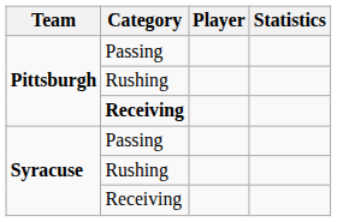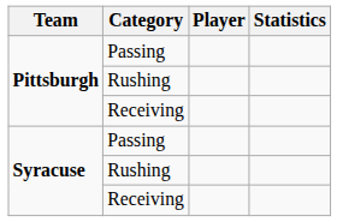 <table class="wikitable" style="float: right;">
 <tr>
 <th>Team</th>
 <th>Category</th>
 <th>Player</th>
 <th>Statistics</th>
 </tr>
 <tr>
 <td rowspan=3><strong>Pittsburgh</strong></td>
 <td>Passing</td>
 <td></td>
 <td></td>
 </tr>
 <tr>
 <td>Rushing</td>
 <td></td>
 <td></td>
 </tr>
 <tr>
-<td><strong>Receiving</strong></td>
+<td>Receiving</td>
 <td></td>
 <td></td>
 </tr>
 <tr>
 <td rowspan=3><strong>Syracuse</strong></td>
 <td>Passing</td>
 <td></td>
 <td></td>
 </tr>
 <tr>
 <td>Rushing</td>
 <td></td>
 <td></td>
 </tr>
 <tr>
 <td>Receiving</td>
 <td></td>
 <td></td>
 </tr>
 </table>
